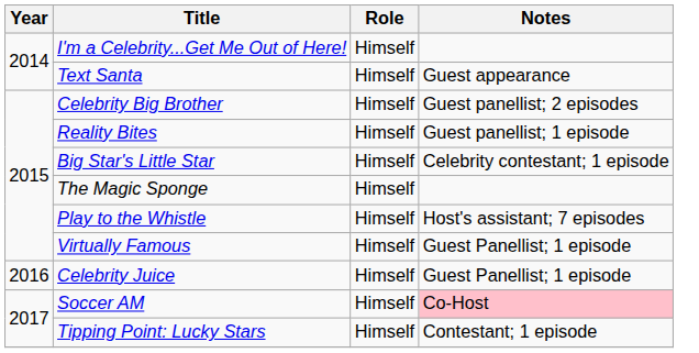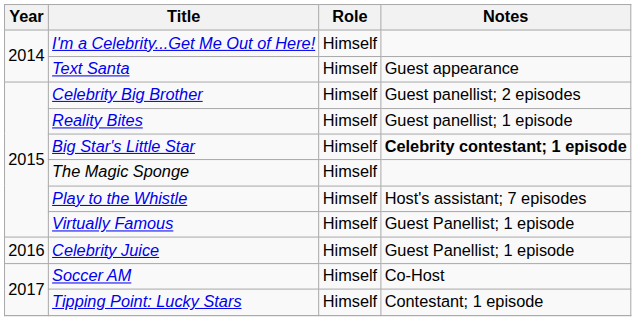 <table class="wikitable sortable">
 <tr>
 <th>Year</th>
 <th>Title</th>
 <th>Role</th>
 <th class="unsortable">Notes</th>
 </tr>
 <tr>
 <td rowspan=2>2014</td>
 <td><em><a href='#'>I'm a Celebrity...Get Me Out of Here!</a></em></td>
 <td>Himself</td>
 <td></td>
 </tr>
 <tr>
 <td><em><a href='#'>Text Santa</a></em></td>
 <td>Himself</td>
 <td>Guest appearance</td>
 </tr>
 <tr>
 <td rowspan="6">2015</td>
 <td><em><a href='#'>Celebrity Big Brother</a></em></td>
 <td>Himself</td>
 <td>Guest panellist; 2 episodes</td>
 </tr>
 <tr>
 <td><em><a href='#'>Reality Bites</a></em></td>
 <td>Himself</td>
 <td>Guest panellist; 1 episode</td>
 </tr>
 <tr>
 <td><em><a href='#'>Big Star's Little Star</a></em></td>
 <td>Himself</td>
-<td>Celebrity contestant; 1 episode</td>
+<td><strong>Celebrity contestant; 1 episode</strong></td>
 </tr>
 <tr>
 <td><em>The Magic Sponge</em></td>
 <td>Himself</td>
 <td></td>
 </tr>
 <tr>
 <td><em><a href='#'>Play to the Whistle</a></em></td>
 <td>Himself</td>
 <td>Host's assistant; 7 episodes</td>
 </tr>
 <tr>
 <td><em><a href='#'>Virtually Famous</a></em></td>
 <td>Himself</td>
 <td>Guest Panellist; 1 episode</td>
 </tr>
 <tr>
 <td>2016</td>
 <td><em><a href='#'>Celebrity Juice</a></em></td>
 <td>Himself</td>
 <td>Guest Panellist; 1 episode</td>
 </tr>
 <tr>
 <td rowspan="2">2017</td>
 <td><em><a href='#'>Soccer AM</a></em></td>
 <td>Himself</td>
-<td style="background: pink;">Co-Host</td>
+<td>Co-Host</td>
 </tr>
 <tr>
 <td><em><a href='#'>Tipping Point: Lucky Stars</a></em></td>
 <td>Himself</td>
 <td>Contestant; 1 episode</td>
 </tr>
 <tr>
 </tr>
 </table>
